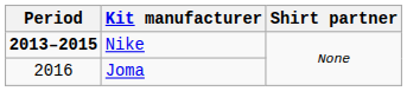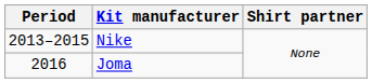 <table class="wikitable" style="text-align: center">
 <tr>
 <th>Period</th>
 <th><a href='#'>Kit</a> manufacturer</th>
 <th>Shirt partner</th>
 </tr>
 <tr>
-<td><strong>2013–2015</strong></td>
+<td>2013–2015</td>
 <td style="text-align:Left;"> <a href='#'>Nike</a></td>
 <td align="center" rowspan=2><small><em>None</em></small></td>
 </tr>
 <tr>
 <td>2016</td>
 <td style="text-align:Left;"> <a href='#'>Joma</a></td>
 </tr>
 </table>
